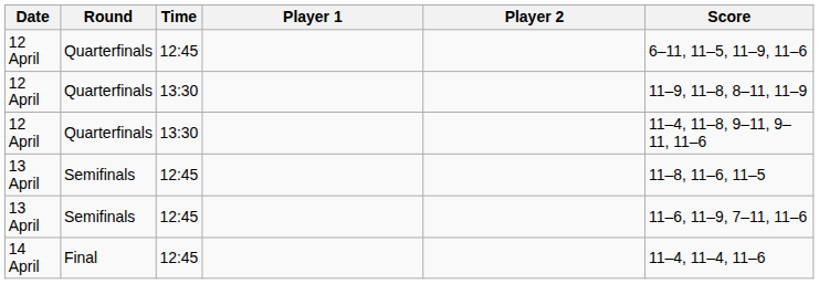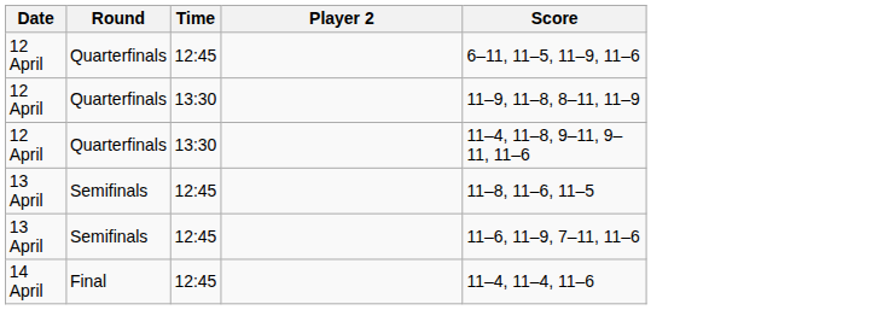 <table class="sortable wikitable" style="font-size:90%">
 <tr>
 <th width="45" class="unsortable">Date</th>
 <th width="55">Round</th>
 <th width="30">Time</th>
-<th width="200">Player 1</th>
 <th width="200">Player 2</th>
 <th width="150" class="unsortable">Score</th>
 </tr>
 <tr>
 <td>12 April</td>
 <td>Quarterfinals</td>
 <td>12:45</td>
-<td></td>
 <td><strong></strong></td>
 <td>6–11, 11–5, 11–9, 11–6</td>
 </tr>
 <tr>
 <td>12 April</td>
 <td>Quarterfinals</td>
 <td>13:30</td>
-<td></td>
 <td><strong></strong></td>
 <td>11–9, 11–8, 8–11, 11–9</td>
 </tr>
 <tr>
 <td>12 April</td>
 <td>Quarterfinals</td>
 <td>13:30</td>
-<td><strong></strong></td>
 <td></td>
 <td>11–4, 11–8, 9–11, 9–11, 11–6</td>
 </tr>
 <tr>
 <td>13 April</td>
 <td>Semifinals</td>
 <td>12:45</td>
-<td></td>
 <td><strong></strong></td>
 <td>11–8, 11–6, 11–5</td>
 </tr>
 <tr>
 <td>13 April</td>
 <td>Semifinals</td>
 <td>12:45</td>
-<td><strong></strong></td>
 <td></td>
 <td>11–6, 11–9, 7–11, 11–6</td>
 </tr>
 <tr>
 <td>14 April</td>
 <td>Final</td>
 <td>12:45</td>
-<td><strong></strong></td>
 <td></td>
 <td>11–4, 11–4, 11–6</td>
 </tr>
 </table>
